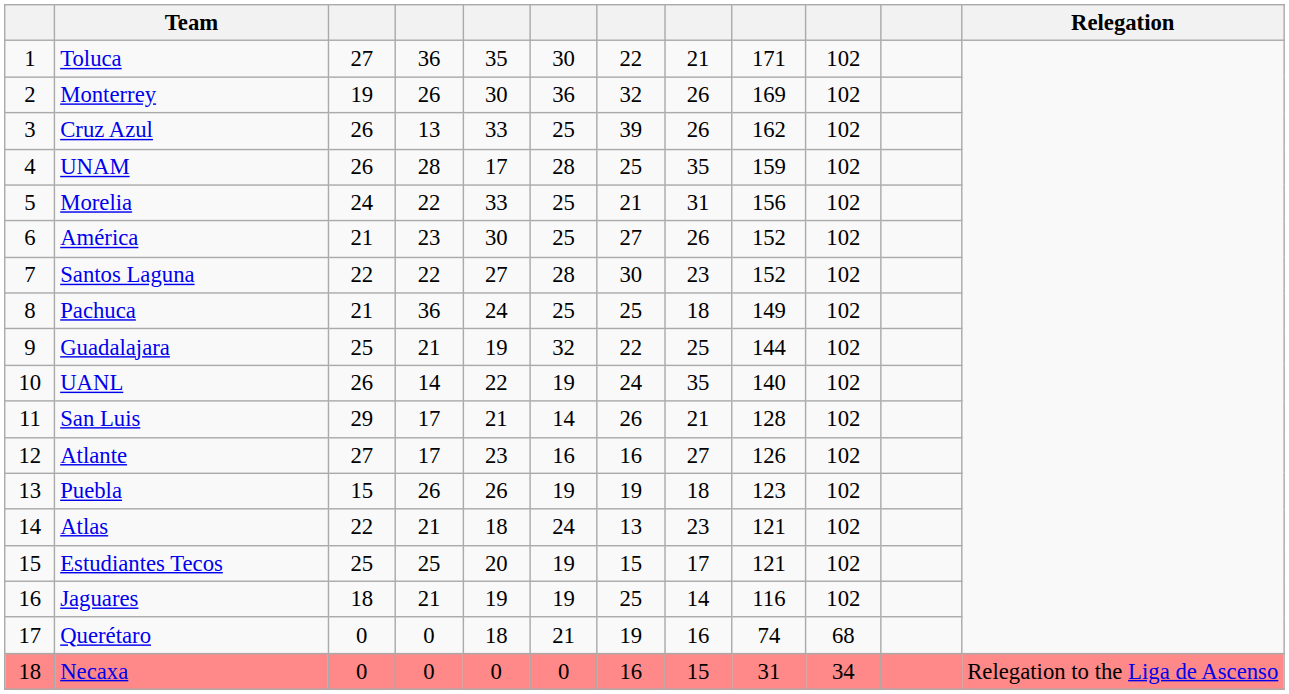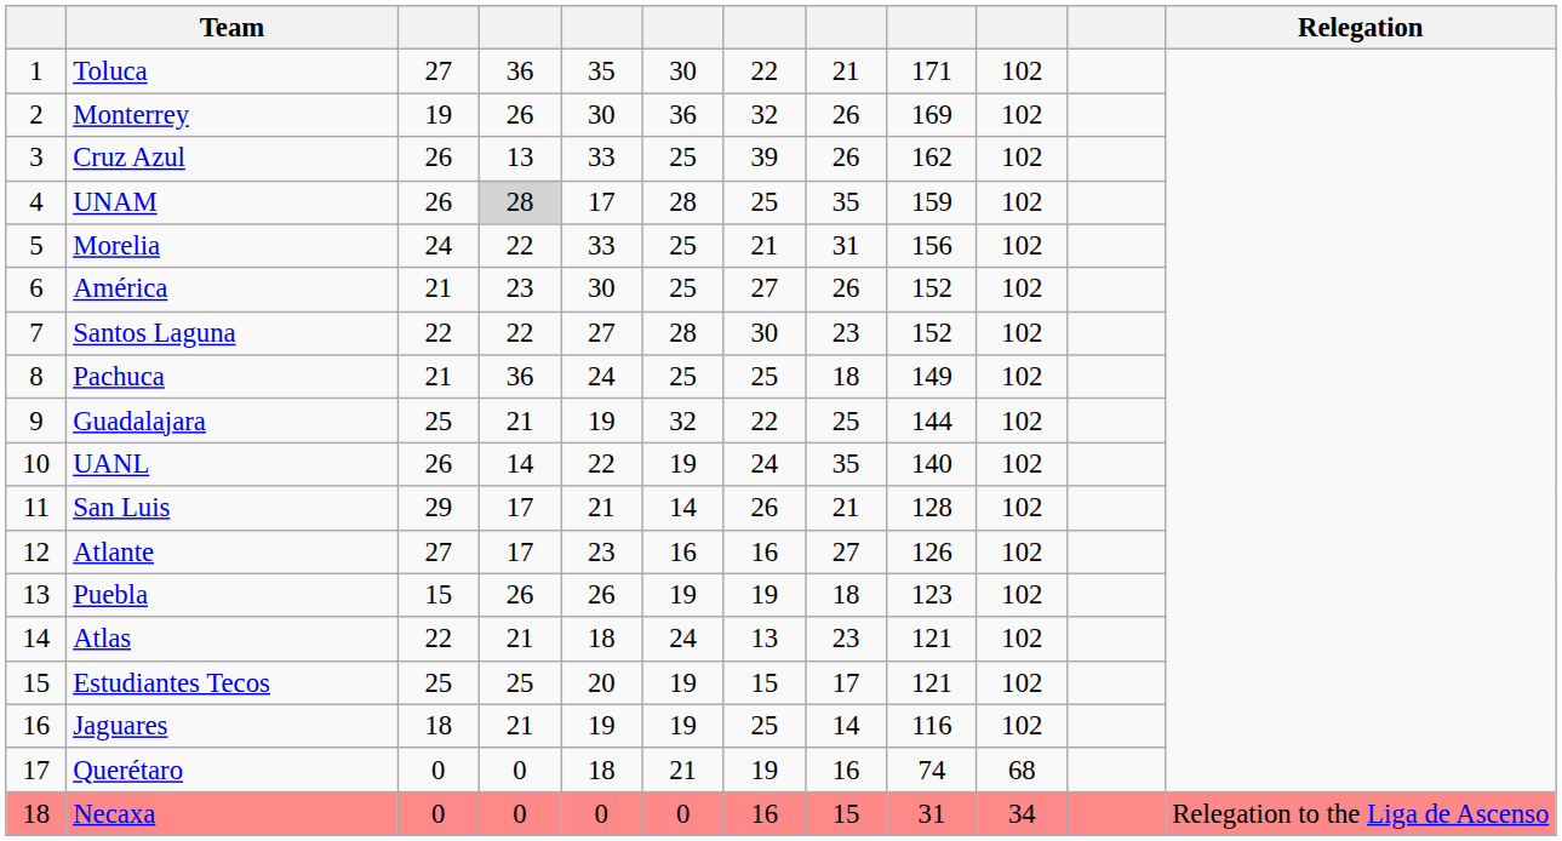 <table class="wikitable">
 <tr>
 <th width=28><br></th>
 <th width=185>Team</th>
 <th width=40></th>
 <th width=40></th>
 <th width=40></th>
 <th width=40></th>
 <th width=40></th>
 <th width=40></th>
 <th width=45></th>
 <th width=45></th>
 <th width=50><br></th>
 <th>Relegation</th>
 </tr>
 <tr style="text-align:center;">
 <td>1</td>
 <td align=left><a href='#'>Toluca</a></td>
 <td>27</td>
 <td>36</td>
 <td>35</td>
 <td>30</td>
 <td>22</td>
 <td>21</td>
 <td>171</td>
 <td>102</td>
 <td><strong></strong></td>
 </tr>
 <tr style="text-align:center;">
 <td>2</td>
 <td align=left><a href='#'>Monterrey</a></td>
 <td>19</td>
 <td>26</td>
 <td>30</td>
 <td>36</td>
 <td>32</td>
 <td>26</td>
 <td>169</td>
 <td>102</td>
 <td><strong></strong></td>
 </tr>
 <tr style="text-align:center;">
 <td>3</td>
 <td align=left><a href='#'>Cruz Azul</a></td>
 <td>26</td>
 <td>13</td>
 <td>33</td>
 <td>25</td>
 <td>39</td>
 <td>26</td>
 <td>162</td>
 <td>102</td>
 <td><strong></strong></td>
 </tr>
 <tr style="text-align:center;">
 <td>4</td>
 <td align=left><a href='#'>UNAM</a></td>
 <td>26</td>
-<td>28</td>
+<td style="background: lightgrey;">28</td>
 <td>17</td>
 <td>28</td>
 <td>25</td>
 <td>35</td>
 <td>159</td>
 <td>102</td>
 <td><strong></strong></td>
 </tr>
 <tr style="text-align:center;">
 <td>5</td>
 <td align=left><a href='#'>Morelia</a></td>
 <td>24</td>
 <td>22</td>
 <td>33</td>
 <td>25</td>
 <td>21</td>
 <td>31</td>
 <td>156</td>
 <td>102</td>
 <td><strong></strong></td>
 </tr>
 <tr style="text-align:center;">
 <td>6</td>
 <td align=left><a href='#'>América</a></td>
 <td>21</td>
 <td>23</td>
 <td>30</td>
 <td>25</td>
 <td>27</td>
 <td>26</td>
 <td>152</td>
 <td>102</td>
 <td><strong></strong></td>
 </tr>
 <tr style="text-align:center;">
 <td>7</td>
 <td align=left><a href='#'>Santos Laguna</a></td>
 <td>22</td>
 <td>22</td>
 <td>27</td>
 <td>28</td>
 <td>30</td>
 <td>23</td>
 <td>152</td>
 <td>102</td>
 <td><strong></strong></td>
 </tr>
 <tr style="text-align:center;">
 <td>8</td>
 <td align=left><a href='#'>Pachuca</a></td>
 <td>21</td>
 <td>36</td>
 <td>24</td>
 <td>25</td>
 <td>25</td>
 <td>18</td>
 <td>149</td>
 <td>102</td>
 <td><strong></strong></td>
 </tr>
 <tr style="text-align:center;">
 <td>9</td>
 <td align=left><a href='#'>Guadalajara</a></td>
 <td>25</td>
 <td>21</td>
 <td>19</td>
 <td>32</td>
 <td>22</td>
 <td>25</td>
 <td>144</td>
 <td>102</td>
 <td><strong></strong></td>
 </tr>
 <tr style="text-align:center;">
 <td>10</td>
 <td align=left><a href='#'>UANL</a></td>
 <td>26</td>
 <td>14</td>
 <td>22</td>
 <td>19</td>
 <td>24</td>
 <td>35</td>
 <td>140</td>
 <td>102</td>
 <td><strong></strong></td>
 </tr>
 <tr style="text-align:center;">
 <td>11</td>
 <td align=left><a href='#'>San Luis</a></td>
 <td>29</td>
 <td>17</td>
 <td>21</td>
 <td>14</td>
 <td>26</td>
 <td>21</td>
 <td>128</td>
 <td>102</td>
 <td><strong></strong></td>
 </tr>
 <tr style="text-align:center;">
 <td>12</td>
 <td align=left><a href='#'>Atlante</a></td>
 <td>27</td>
 <td>17</td>
 <td>23</td>
 <td>16</td>
 <td>16</td>
 <td>27</td>
 <td>126</td>
 <td>102</td>
 <td><strong></strong></td>
 </tr>
 <tr style="text-align:center;">
 <td>13</td>
 <td align=left><a href='#'>Puebla</a></td>
 <td>15</td>
 <td>26</td>
 <td>26</td>
 <td>19</td>
 <td>19</td>
 <td>18</td>
 <td>123</td>
 <td>102</td>
 <td><strong></strong></td>
 </tr>
 <tr style="text-align:center;">
 <td>14</td>
 <td align=left><a href='#'>Atlas</a></td>
 <td>22</td>
 <td>21</td>
 <td>18</td>
 <td>24</td>
 <td>13</td>
 <td>23</td>
 <td>121</td>
 <td>102</td>
 <td><strong></strong></td>
 </tr>
 <tr style="text-align:center;">
 <td>15</td>
 <td align=left><a href='#'>Estudiantes Tecos</a></td>
 <td>25</td>
 <td>25</td>
 <td>20</td>
 <td>19</td>
 <td>15</td>
 <td>17</td>
 <td>121</td>
 <td>102</td>
 <td><strong></strong></td>
 </tr>
 <tr style="text-align:center;">
 <td>16</td>
 <td align=left><a href='#'>Jaguares</a></td>
 <td>18</td>
 <td>21</td>
 <td>19</td>
 <td>19</td>
 <td>25</td>
 <td>14</td>
 <td>116</td>
 <td>102</td>
 <td><strong></strong></td>
 </tr>
 <tr style="text-align:center;">
 <td>17</td>
 <td align=left><a href='#'>Querétaro</a></td>
 <td>0</td>
 <td>0</td>
 <td>18</td>
 <td>21</td>
 <td>19</td>
 <td>16</td>
 <td>74</td>
 <td>68</td>
 <td><strong></strong></td>
 </tr>
 <tr style="text-align:center; background:#ff8888;">
 <td>18</td>
 <td align=left><a href='#'>Necaxa</a></td>
 <td>0</td>
 <td>0</td>
 <td>0</td>
 <td>0</td>
 <td>16</td>
 <td>15</td>
 <td>31</td>
 <td>34</td>
 <td><strong></strong></td>
 <td>Relegation to the <a href='#'>Liga de Ascenso</a></td>
 </tr>
 </table>
